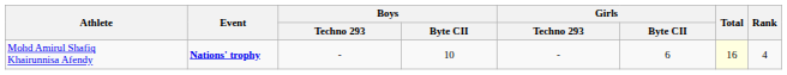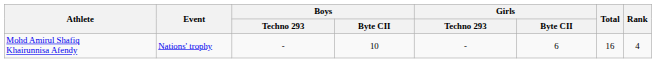 <table class="wikitable" width="84%" style="text-align:center; font-size:90%">
 <tr>
 <th rowspan="2" width="20%">Athlete</th>
 <th rowspan="2" width="10%">Event</th>
 <th colspan="2" width="24%">Boys</th>
 <th colspan="2" width="24%">Girls</th>
 <th rowspan="2" width="3%">Total</th>
 <th rowspan="2" width="3%">Rank</th>
 </tr>
 <tr>
 <th>Techno 293</th>
 <th>Byte CII</th>
 <th>Techno 293</th>
 <th>Byte CII</th>
 </tr>
 <tr>
 <td align="left"><a href='#'>Mohd Amirul Shafiq</a><br><a href='#'>Khairunnisa Afendy</a></td>
-<td align="left"><strong><a href='#'>Nations' trophy</a></strong></td>
+<td align="left"><a href='#'>Nations' trophy</a></td>
 <td>-</td>
 <td>10</td>
 <td>-</td>
 <td>6</td>
-<td style="background: lightyellow;">16</td>
+<td>16</td>
 <td>4</td>
 </tr>
 </table>
